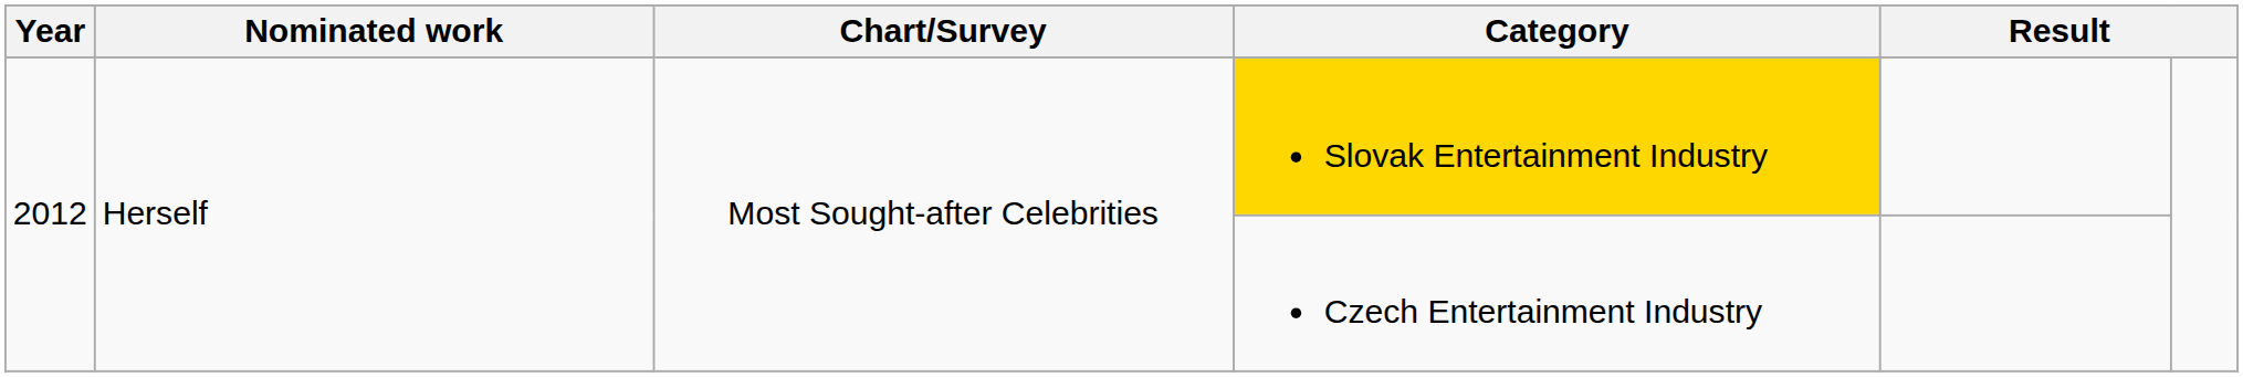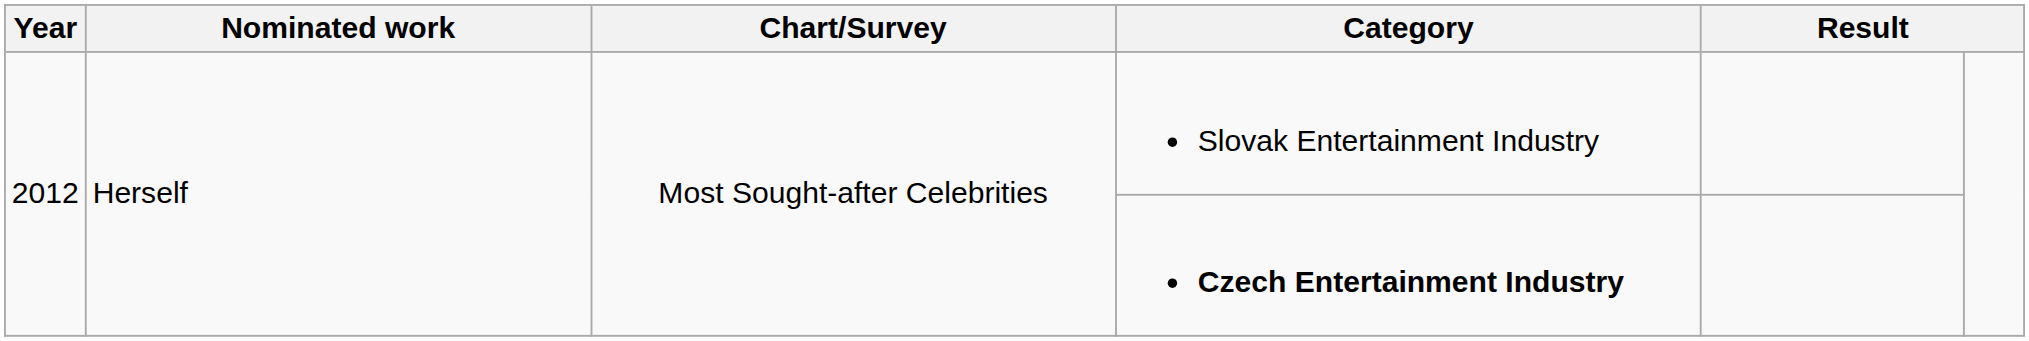 <table class="wikitable" style="text-align:left;">
 <tr>
 <th width=4% align=center>Year</th>
 <th width=25%>Nominated work</th>
 <th width=26%>Chart/Survey</th>
 <th width=29%>Category</th>
 <th width=16% colspan=2>Result</th>
 </tr>
 <tr>
 <td rowspan=2>2012</td>
 <td rowspan=2>Herself</td>
 <td align=center rowspan=2>Most Sought-after Celebrities</td>
-<td style="background: gold;"><br><ul><li>Slovak Entertainment Industry</li></ul></td>
+<td><br><ul><li>Slovak Entertainment Industry</li></ul></td>
 <td></td>
 <td width=3% align=center rowspan=2></td>
 </tr>
 <tr>
-<td><br><ul><li>Czech Entertainment Industry</li></ul></td>
+<td><strong><br><ul><li>Czech Entertainment Industry</li></ul></strong></td>
 <td></td>
 </tr>
 </table>
